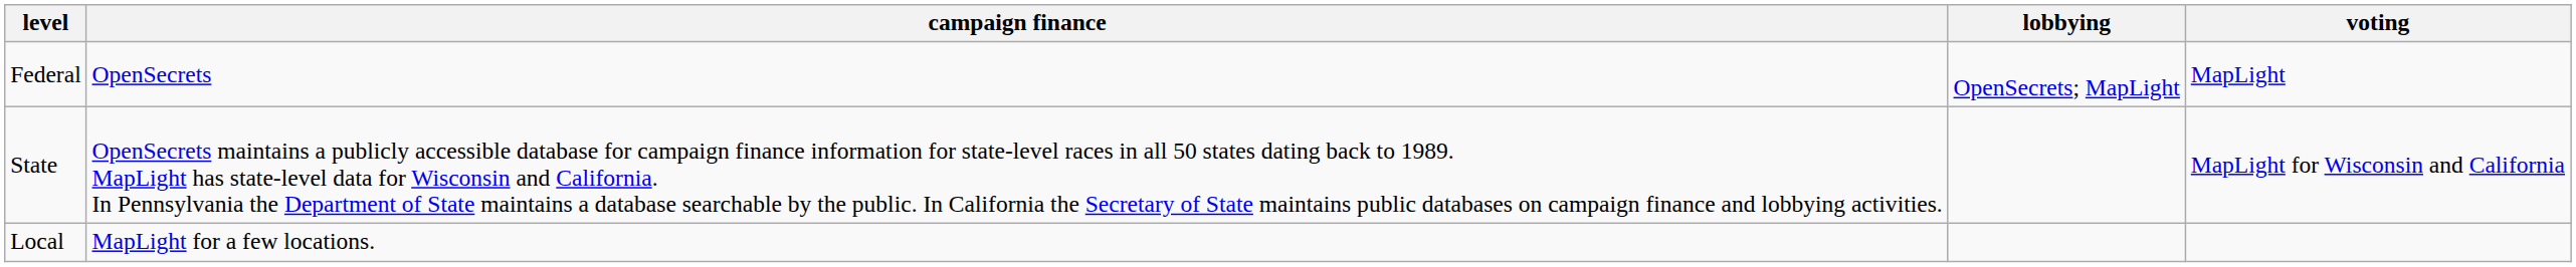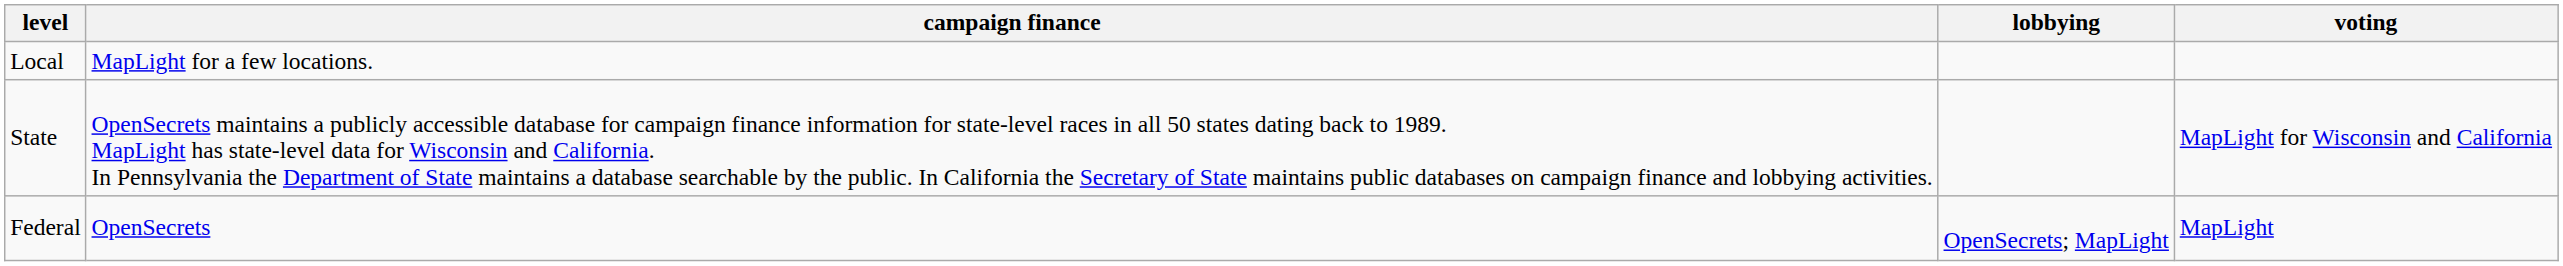 <table class="wikitable">
 <tr>
 <th>level</th>
 <th>campaign finance</th>
 <th>lobbying</th>
 <th>voting</th>
 </tr>
 <tr>
-<td>Federal</td>
-<td><a href='#'>OpenSecrets</a></td>
-<td><br><a href='#'>OpenSecrets</a>; <a href='#'>MapLight</a></td>
-<td><a href='#'>MapLight</a></td>
+<td>Local</td>
+<td><a href='#'>MapLight</a> for a few locations.</td>
+<td></td>
+<td></td>
 </tr>
 <tr>
 <td>State</td>
 <td><br><a href='#'>OpenSecrets</a> maintains a publicly accessible database for campaign finance information for state-level races in all 50 states dating back to 1989.<br><a href='#'>MapLight</a> has state-level data for <a href='#'>Wisconsin</a> and <a href='#'>California</a>.<br>In Pennsylvania the <a href='#'>Department of State</a> maintains a database searchable by the public. In California the <a href='#'>Secretary of State</a> maintains public databases on campaign finance and lobbying activities.</td>
 <td></td>
 <td><a href='#'>MapLight</a> for <a href='#'>Wisconsin</a> and <a href='#'>California</a></td>
 </tr>
 <tr>
-<td>Local</td>
-<td><a href='#'>MapLight</a> for a few locations.</td>
-<td></td>
-<td></td>
+<td>Federal</td>
+<td><a href='#'>OpenSecrets</a></td>
+<td><br><a href='#'>OpenSecrets</a>; <a href='#'>MapLight</a></td>
+<td><a href='#'>MapLight</a></td>
 </tr>
 </table>
